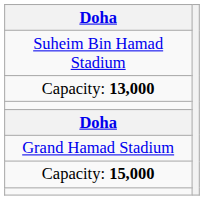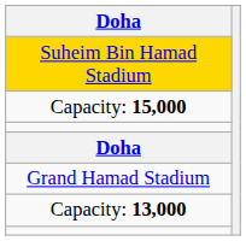 <table class=wikitable style="text-align:center;margin:1em auto;">
 <tr>
 <th width=175><a href='#'>Doha</a></th>
 <th rowspan=8><br></th>
 </tr>
 <tr>
-<td><a href='#'>Suheim Bin Hamad Stadium</a></td>
+<td style="background: gold;"><a href='#'>Suheim Bin Hamad Stadium</a></td>
 </tr>
 <tr>
-<td>Capacity: <strong>13,000</strong></td>
+<td>Capacity: <strong>15,000</strong></td>
 </tr>
 <tr>
 <td></td>
 </tr>
 <tr>
 <th><a href='#'>Doha</a></th>
 </tr>
 <tr>
 <td><a href='#'>Grand Hamad Stadium</a></td>
 </tr>
 <tr>
-<td>Capacity: <strong>15,000</strong></td>
+<td>Capacity: <strong>13,000</strong></td>
 </tr>
 <tr>
 <td></td>
 </tr>
 </table>
